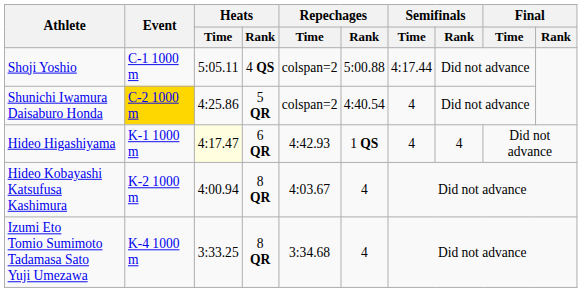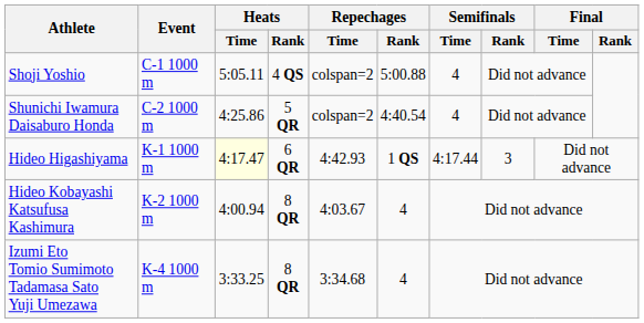 <table class="wikitable" style="font-size:90%">
 <tr>
 <th rowspan=2>Athlete</th>
 <th rowspan=2>Event</th>
 <th colspan=2>Heats</th>
 <th colspan=2>Repechages</th>
 <th colspan=2>Semifinals</th>
 <th colspan=2>Final</th>
 </tr>
 <tr style="font-size:95%">
 <th>Time</th>
 <th>Rank</th>
 <th>Time</th>
 <th>Rank</th>
 <th>Time</th>
 <th>Rank</th>
 <th>Time</th>
 <th>Rank</th>
 </tr>
 <tr align=center>
 <td align=left><a href='#'>Shoji Yoshio</a></td>
 <td align=left><a href='#'>C-1 1000 m</a></td>
 <td>5:05.11</td>
 <td>4 <strong>QS</strong></td>
 <td>colspan=2 </td>
 <td>5:00.88</td>
-<td>4:17.44</td>
+<td>4</td>
 <td colspan=2>Did not advance</td>
 </tr>
 <tr align=center>
 <td align=left><a href='#'>Shunichi Iwamura</a><br><a href='#'>Daisaburo Honda</a></td>
-<td align=left style="background: gold;"><a href='#'>C-2 1000 m</a></td>
+<td align=left><a href='#'>C-2 1000 m</a></td>
 <td>4:25.86</td>
 <td>5 <strong>QR</strong></td>
 <td>colspan=2 </td>
 <td>4:40.54</td>
 <td>4</td>
 <td colspan=2>Did not advance</td>
 </tr>
 <tr align=center>
 <td align=left><a href='#'>Hideo Higashiyama</a></td>
 <td align=left><a href='#'>K-1 1000 m</a></td>
 <td style="background: lightyellow;">4:17.47</td>
 <td>6 <strong>QR</strong></td>
 <td>4:42.93</td>
 <td>1 <strong>QS</strong></td>
-<td>4</td>
-<td>4</td>
+<td>4:17.44</td>
+<td>3</td>
 <td colspan=2>Did not advance</td>
 </tr>
 <tr align=center>
 <td align=left><a href='#'>Hideo Kobayashi</a><br><a href='#'>Katsufusa Kashimura</a></td>
 <td align=left><a href='#'>K-2 1000 m</a></td>
 <td>4:00.94</td>
 <td>8 <strong>QR</strong></td>
 <td>4:03.67</td>
 <td>4</td>
 <td colspan=4>Did not advance</td>
 </tr>
 <tr align=center>
 <td align=left><a href='#'>Izumi Eto</a><br><a href='#'>Tomio Sumimoto</a><br><a href='#'>Tadamasa Sato</a><br><a href='#'>Yuji Umezawa</a></td>
 <td align=left><a href='#'>K-4 1000 m</a></td>
 <td>3:33.25</td>
 <td>8 <strong>QR</strong></td>
 <td>3:34.68</td>
 <td>4</td>
 <td colspan=4>Did not advance</td>
 </tr>
 </table>
